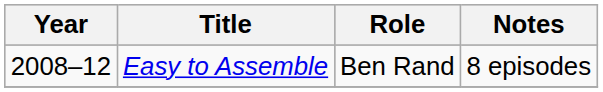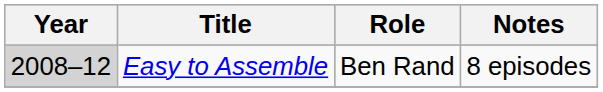 <table class="wikitable sortable">
 <tr>
 <th>Year</th>
 <th>Title</th>
 <th>Role</th>
 <th>Notes</th>
 </tr>
 <tr>
-<td>2008–12</td>
+<td style="background: lightgrey;">2008–12</td>
 <td><em><a href='#'>Easy to Assemble</a></em></td>
 <td>Ben Rand</td>
 <td>8 episodes</td>
 </tr>
 <tr>
 </tr>
 </table>
